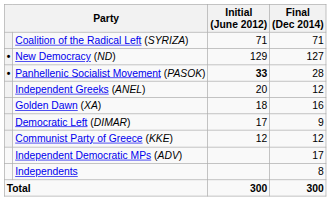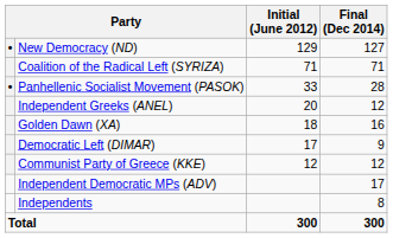 <table class="wikitable" style="font-size: 95%;">
 <tr>
 <th colspan=2>Party</th>
 <th>Initial<br>(June 2012)</th>
 <th>Final<br>(Dec 2014)</th>
+</tr>
+<tr>
+<th style="background-color: "><span>•</span></th>
+<td><a href='#'>New Democracy</a>  (<em>ND</em>)</td>
+<td align=right>129</td>
+<td align=right>127</td>
 </tr>
 <tr>
 <th style="background-color: "></th>
 <td><a href='#'>Coalition of the Radical Left</a> (<em>SYRIZA</em>)</td>
 <td align=right>71</td>
 <td align=right>71</td>
 </tr>
 <tr>
 <th style="background-color: "><span>•</span></th>
-<td><a href='#'>New Democracy</a>  (<em>ND</em>)</td>
-<td align=right>129</td>
-<td align=right>127</td>
-</tr>
-<tr>
-<th style="background-color: "><span>•</span></th>
 <td><a href='#'>Panhellenic Socialist Movement</a> (<em>PASOK</em>)</td>
-<td align=right><strong>33</strong></td>
+<td align=right>33</td>
 <td align=right>28</td>
 </tr>
 <tr>
 <th style="background-color: "></th>
 <td><a href='#'>Independent Greeks</a> (<em>ANEL</em>)</td>
 <td align=right>20</td>
 <td align=right>12</td>
 </tr>
 <tr>
 <th style="background-color: "></th>
 <td><a href='#'>Golden Dawn</a> (<em>XA</em>)</td>
 <td align=right>18</td>
 <td align=right>16</td>
 </tr>
 <tr>
 <th style="background-color: "></th>
 <td><a href='#'>Democratic Left</a> (<em>DIMAR</em>)</td>
 <td align=right>17</td>
 <td align=right>9</td>
 </tr>
 <tr>
 <th style="background-color: "></th>
 <td><a href='#'>Communist Party of Greece</a> (<em>KKE</em>)</td>
 <td align=right>12</td>
 <td align=right>12</td>
 </tr>
 <tr>
 <td></td>
 <td><a href='#'>Independent Democratic MPs</a> (<em>ADV</em>)</td>
 <td align=right></td>
 <td align=right>17</td>
 </tr>
 <tr>
 <td></td>
 <td><a href='#'>Independents</a></td>
 <td align=right></td>
 <td align=right>8</td>
 </tr>
 <tr>
 <td colspan="2"><strong>Total</strong></td>
 <td align=right><strong>300</strong></td>
 <td align=right><strong>300</strong></td>
 </tr>
 </table>
